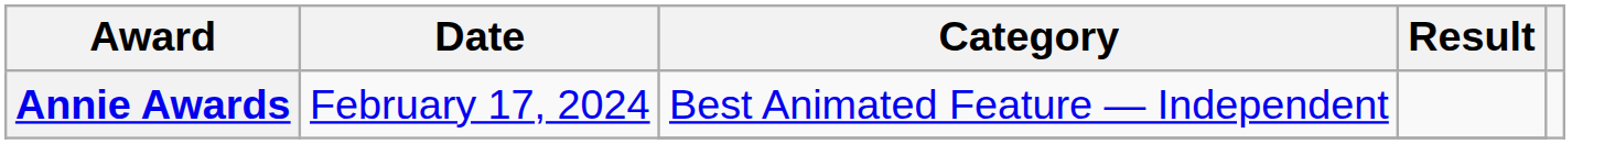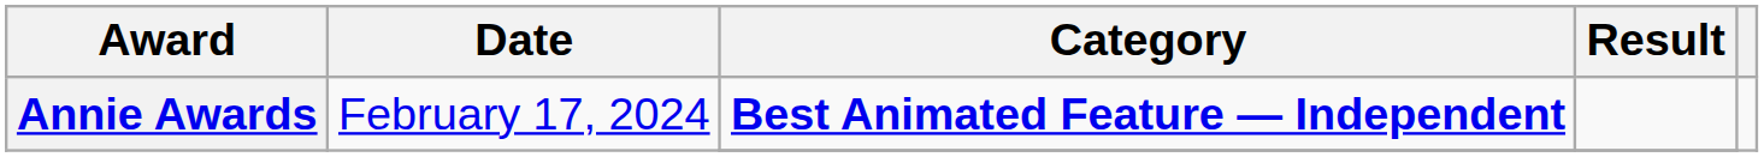 <table class="wikitable sortable plainrowheaders">
 <tr>
 <th>Award</th>
 <th>Date</th>
 <th>Category</th>
 <th>Result</th>
 <th></th>
 </tr>
 <tr>
 <th scope="row" rowspan="3"><a href='#'>Annie Awards</a></th>
 <td rowspan="3"><a href='#'>February 17, 2024</a></td>
-<td><a href='#'>Best Animated Feature — Independent</a></td>
+<td><strong><a href='#'>Best Animated Feature — Independent</a></strong></td>
 <td></td>
 <td align="center" rowspan="3"></td>
 </tr>
 <tr>
 </tr>
 </table>
